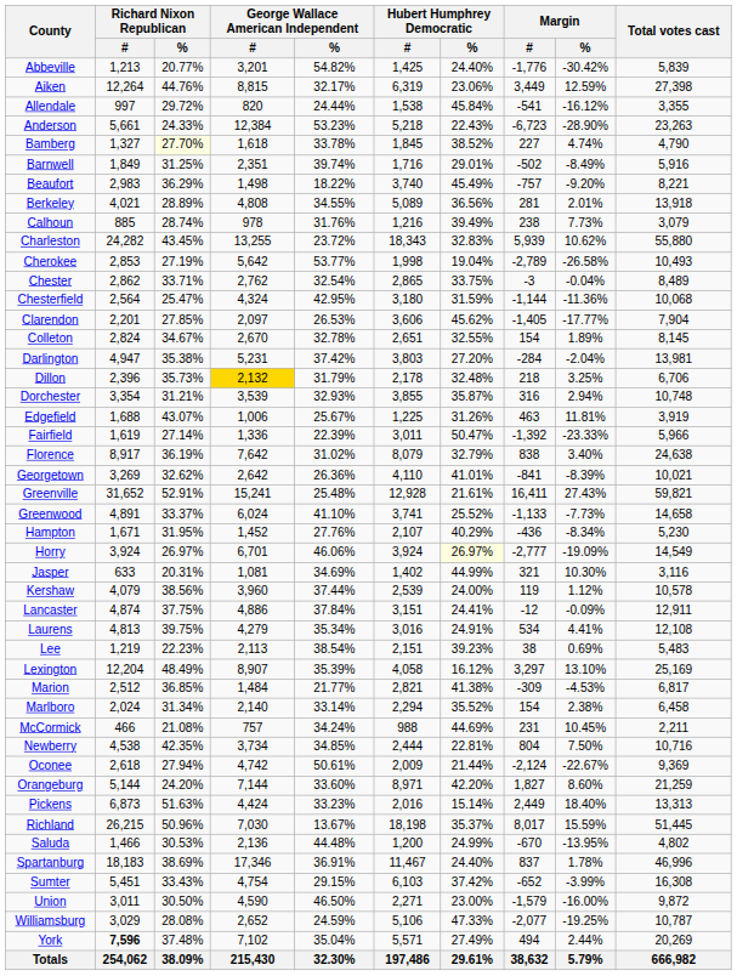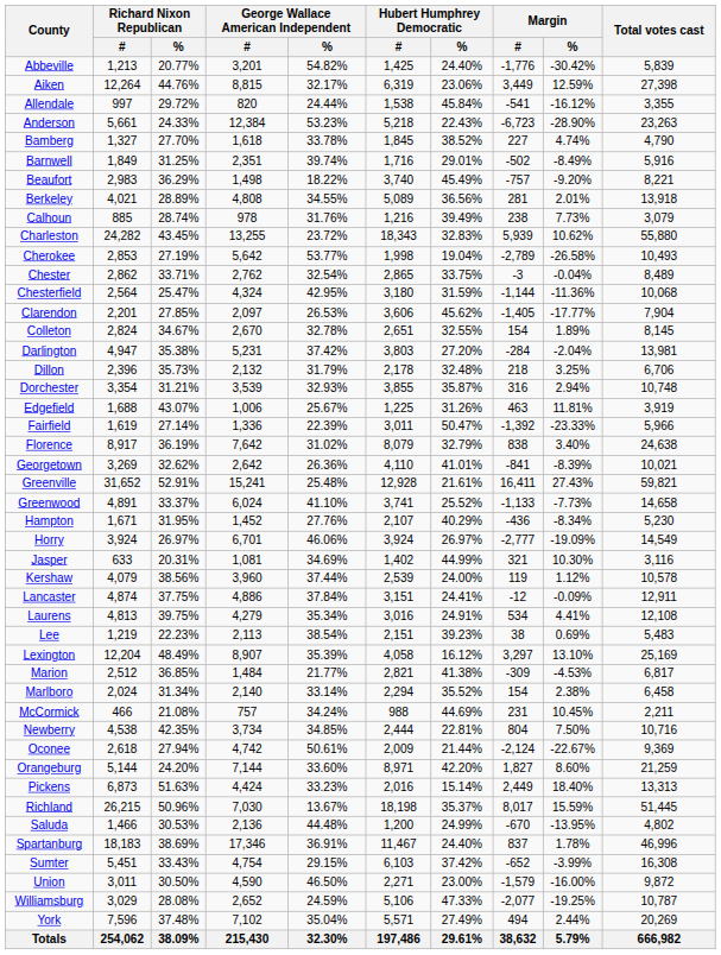 <table width="60%" class="wikitable sortable">
 <tr>
 <th rowspan="2">County</th>
 <th colspan="2">Richard Nixon<br>Republican</th>
 <th colspan="2">George Wallace<br>American Independent</th>
 <th colspan="2">Hubert Humphrey<br>Democratic</th>
 <th colspan="2">Margin</th>
 <th rowspan="2">Total votes cast</th>
 </tr>
 <tr>
 <th style="text-align:center;" data-sort-type="number">#</th>
 <th style="text-align:center;" data-sort-type="number">%</th>
 <th style="text-align:center;" data-sort-type="number">#</th>
 <th style="text-align:center;" data-sort-type="number">%</th>
 <th style="text-align:center;" data-sort-type="number">#</th>
 <th style="text-align:center;" data-sort-type="number">%</th>
 <th style="text-align:center;" data-sort-type="number">#</th>
 <th style="text-align:center;" data-sort-type="number">%</th>
 </tr>
 <tr style="text-align:center;">
 <td><a href='#'>Abbeville</a></td>
 <td>1,213</td>
 <td>20.77%</td>
 <td>3,201</td>
 <td>54.82%</td>
 <td>1,425</td>
 <td>24.40%</td>
 <td>-1,776</td>
 <td>-30.42%</td>
 <td>5,839</td>
 </tr>
 <tr style="text-align:center;">
 <td><a href='#'>Aiken</a></td>
 <td>12,264</td>
 <td>44.76%</td>
 <td>8,815</td>
 <td>32.17%</td>
 <td>6,319</td>
 <td>23.06%</td>
 <td>3,449</td>
 <td>12.59%</td>
 <td>27,398</td>
 </tr>
 <tr style="text-align:center;">
 <td><a href='#'>Allendale</a></td>
 <td>997</td>
 <td>29.72%</td>
 <td>820</td>
 <td>24.44%</td>
 <td>1,538</td>
 <td>45.84%</td>
 <td>-541</td>
 <td>-16.12%</td>
 <td>3,355</td>
 </tr>
 <tr style="text-align:center;">
 <td><a href='#'>Anderson</a></td>
 <td>5,661</td>
 <td>24.33%</td>
 <td>12,384</td>
 <td>53.23%</td>
 <td>5,218</td>
 <td>22.43%</td>
 <td>-6,723</td>
 <td>-28.90%</td>
 <td>23,263</td>
 </tr>
 <tr style="text-align:center;">
 <td><a href='#'>Bamberg</a></td>
 <td>1,327</td>
-<td style="background: lightyellow;">27.70%</td>
+<td>27.70%</td>
 <td>1,618</td>
 <td>33.78%</td>
 <td>1,845</td>
 <td>38.52%</td>
 <td>227</td>
 <td>4.74%</td>
 <td>4,790</td>
 </tr>
 <tr style="text-align:center;">
 <td><a href='#'>Barnwell</a></td>
 <td>1,849</td>
 <td>31.25%</td>
 <td>2,351</td>
 <td>39.74%</td>
 <td>1,716</td>
 <td>29.01%</td>
 <td>-502</td>
 <td>-8.49%</td>
 <td>5,916</td>
 </tr>
 <tr style="text-align:center;">
 <td><a href='#'>Beaufort</a></td>
 <td>2,983</td>
 <td>36.29%</td>
 <td>1,498</td>
 <td>18.22%</td>
 <td>3,740</td>
 <td>45.49%</td>
 <td>-757</td>
 <td>-9.20%</td>
 <td>8,221</td>
 </tr>
 <tr style="text-align:center;">
 <td><a href='#'>Berkeley</a></td>
 <td>4,021</td>
 <td>28.89%</td>
 <td>4,808</td>
 <td>34.55%</td>
 <td>5,089</td>
 <td>36.56%</td>
 <td>281</td>
 <td>2.01%</td>
 <td>13,918</td>
 </tr>
 <tr style="text-align:center;">
 <td><a href='#'>Calhoun</a></td>
 <td>885</td>
 <td>28.74%</td>
 <td>978</td>
 <td>31.76%</td>
 <td>1,216</td>
 <td>39.49%</td>
 <td>238</td>
 <td>7.73%</td>
 <td>3,079</td>
 </tr>
 <tr style="text-align:center;">
 <td><a href='#'>Charleston</a></td>
 <td>24,282</td>
 <td>43.45%</td>
 <td>13,255</td>
 <td>23.72%</td>
 <td>18,343</td>
 <td>32.83%</td>
 <td>5,939</td>
 <td>10.62%</td>
 <td>55,880</td>
 </tr>
 <tr style="text-align:center;">
 <td><a href='#'>Cherokee</a></td>
 <td>2,853</td>
 <td>27.19%</td>
 <td>5,642</td>
 <td>53.77%</td>
 <td>1,998</td>
 <td>19.04%</td>
 <td>-2,789</td>
 <td>-26.58%</td>
 <td>10,493</td>
 </tr>
 <tr style="text-align:center;">
 <td><a href='#'>Chester</a></td>
 <td>2,862</td>
 <td>33.71%</td>
 <td>2,762</td>
 <td>32.54%</td>
 <td>2,865</td>
 <td>33.75%</td>
 <td>-3</td>
 <td>-0.04%</td>
 <td>8,489</td>
 </tr>
 <tr style="text-align:center;">
 <td><a href='#'>Chesterfield</a></td>
 <td>2,564</td>
 <td>25.47%</td>
 <td>4,324</td>
 <td>42.95%</td>
 <td>3,180</td>
 <td>31.59%</td>
 <td>-1,144</td>
 <td>-11.36%</td>
 <td>10,068</td>
 </tr>
 <tr style="text-align:center;">
 <td><a href='#'>Clarendon</a></td>
 <td>2,201</td>
 <td>27.85%</td>
 <td>2,097</td>
 <td>26.53%</td>
 <td>3,606</td>
 <td>45.62%</td>
 <td>-1,405</td>
 <td>-17.77%</td>
 <td>7,904</td>
 </tr>
 <tr style="text-align:center;">
 <td><a href='#'>Colleton</a></td>
 <td>2,824</td>
 <td>34.67%</td>
 <td>2,670</td>
 <td>32.78%</td>
 <td>2,651</td>
 <td>32.55%</td>
 <td>154</td>
 <td>1.89%</td>
 <td>8,145</td>
 </tr>
 <tr style="text-align:center;">
 <td><a href='#'>Darlington</a></td>
 <td>4,947</td>
 <td>35.38%</td>
 <td>5,231</td>
 <td>37.42%</td>
 <td>3,803</td>
 <td>27.20%</td>
 <td>-284</td>
 <td>-2.04%</td>
 <td>13,981</td>
 </tr>
 <tr style="text-align:center;">
 <td><a href='#'>Dillon</a></td>
 <td>2,396</td>
 <td>35.73%</td>
-<td style="background: gold;">2,132</td>
+<td>2,132</td>
 <td>31.79%</td>
 <td>2,178</td>
 <td>32.48%</td>
 <td>218</td>
 <td>3.25%</td>
 <td>6,706</td>
 </tr>
 <tr style="text-align:center;">
 <td><a href='#'>Dorchester</a></td>
 <td>3,354</td>
 <td>31.21%</td>
 <td>3,539</td>
 <td>32.93%</td>
 <td>3,855</td>
 <td>35.87%</td>
 <td>316</td>
 <td>2.94%</td>
 <td>10,748</td>
 </tr>
 <tr style="text-align:center;">
 <td><a href='#'>Edgefield</a></td>
 <td>1,688</td>
 <td>43.07%</td>
 <td>1,006</td>
 <td>25.67%</td>
 <td>1,225</td>
 <td>31.26%</td>
 <td>463</td>
 <td>11.81%</td>
 <td>3,919</td>
 </tr>
 <tr style="text-align:center;">
 <td><a href='#'>Fairfield</a></td>
 <td>1,619</td>
 <td>27.14%</td>
 <td>1,336</td>
 <td>22.39%</td>
 <td>3,011</td>
 <td>50.47%</td>
 <td>-1,392</td>
 <td>-23.33%</td>
 <td>5,966</td>
 </tr>
 <tr style="text-align:center;">
 <td><a href='#'>Florence</a></td>
 <td>8,917</td>
 <td>36.19%</td>
 <td>7,642</td>
 <td>31.02%</td>
 <td>8,079</td>
 <td>32.79%</td>
 <td>838</td>
 <td>3.40%</td>
 <td>24,638</td>
 </tr>
 <tr style="text-align:center;">
 <td><a href='#'>Georgetown</a></td>
 <td>3,269</td>
 <td>32.62%</td>
 <td>2,642</td>
 <td>26.36%</td>
 <td>4,110</td>
 <td>41.01%</td>
 <td>-841</td>
 <td>-8.39%</td>
 <td>10,021</td>
 </tr>
 <tr style="text-align:center;">
 <td><a href='#'>Greenville</a></td>
 <td>31,652</td>
 <td>52.91%</td>
 <td>15,241</td>
 <td>25.48%</td>
 <td>12,928</td>
 <td>21.61%</td>
 <td>16,411</td>
 <td>27.43%</td>
 <td>59,821</td>
 </tr>
 <tr style="text-align:center;">
 <td><a href='#'>Greenwood</a></td>
 <td>4,891</td>
 <td>33.37%</td>
 <td>6,024</td>
 <td>41.10%</td>
 <td>3,741</td>
 <td>25.52%</td>
 <td>-1,133</td>
 <td>-7.73%</td>
 <td>14,658</td>
 </tr>
 <tr style="text-align:center;">
 <td><a href='#'>Hampton</a></td>
 <td>1,671</td>
 <td>31.95%</td>
 <td>1,452</td>
 <td>27.76%</td>
 <td>2,107</td>
 <td>40.29%</td>
 <td>-436</td>
 <td>-8.34%</td>
 <td>5,230</td>
 </tr>
 <tr style="text-align:center;">
 <td><a href='#'>Horry</a></td>
 <td>3,924</td>
 <td>26.97%</td>
 <td>6,701</td>
 <td>46.06%</td>
 <td>3,924</td>
-<td style="background: lightyellow;">26.97%</td>
+<td>26.97%</td>
 <td>-2,777</td>
 <td>-19.09%</td>
 <td>14,549</td>
 </tr>
 <tr style="text-align:center;">
 <td><a href='#'>Jasper</a></td>
 <td>633</td>
 <td>20.31%</td>
 <td>1,081</td>
 <td>34.69%</td>
 <td>1,402</td>
 <td>44.99%</td>
 <td>321</td>
 <td>10.30%</td>
 <td>3,116</td>
 </tr>
 <tr style="text-align:center;">
 <td><a href='#'>Kershaw</a></td>
 <td>4,079</td>
 <td>38.56%</td>
 <td>3,960</td>
 <td>37.44%</td>
 <td>2,539</td>
 <td>24.00%</td>
 <td>119</td>
 <td>1.12%</td>
 <td>10,578</td>
 </tr>
 <tr style="text-align:center;">
 <td><a href='#'>Lancaster</a></td>
 <td>4,874</td>
 <td>37.75%</td>
 <td>4,886</td>
 <td>37.84%</td>
 <td>3,151</td>
 <td>24.41%</td>
 <td>-12</td>
 <td>-0.09%</td>
 <td>12,911</td>
 </tr>
 <tr style="text-align:center;">
 <td><a href='#'>Laurens</a></td>
 <td>4,813</td>
 <td>39.75%</td>
 <td>4,279</td>
 <td>35.34%</td>
 <td>3,016</td>
 <td>24.91%</td>
 <td>534</td>
 <td>4.41%</td>
 <td>12,108</td>
 </tr>
 <tr style="text-align:center;">
 <td><a href='#'>Lee</a></td>
 <td>1,219</td>
 <td>22.23%</td>
 <td>2,113</td>
 <td>38.54%</td>
 <td>2,151</td>
 <td>39.23%</td>
 <td>38</td>
 <td>0.69%</td>
 <td>5,483</td>
 </tr>
 <tr style="text-align:center;">
 <td><a href='#'>Lexington</a></td>
 <td>12,204</td>
 <td>48.49%</td>
 <td>8,907</td>
 <td>35.39%</td>
 <td>4,058</td>
 <td>16.12%</td>
 <td>3,297</td>
 <td>13.10%</td>
 <td>25,169</td>
 </tr>
 <tr style="text-align:center;">
 <td><a href='#'>Marion</a></td>
 <td>2,512</td>
 <td>36.85%</td>
 <td>1,484</td>
 <td>21.77%</td>
 <td>2,821</td>
 <td>41.38%</td>
 <td>-309</td>
 <td>-4.53%</td>
 <td>6,817</td>
 </tr>
 <tr style="text-align:center;">
 <td><a href='#'>Marlboro</a></td>
 <td>2,024</td>
 <td>31.34%</td>
 <td>2,140</td>
 <td>33.14%</td>
 <td>2,294</td>
 <td>35.52%</td>
 <td>154</td>
 <td>2.38%</td>
 <td>6,458</td>
 </tr>
 <tr style="text-align:center;">
 <td><a href='#'>McCormick</a></td>
 <td>466</td>
 <td>21.08%</td>
 <td>757</td>
 <td>34.24%</td>
 <td>988</td>
 <td>44.69%</td>
 <td>231</td>
 <td>10.45%</td>
 <td>2,211</td>
 </tr>
 <tr style="text-align:center;">
 <td><a href='#'>Newberry</a></td>
 <td>4,538</td>
 <td>42.35%</td>
 <td>3,734</td>
 <td>34.85%</td>
 <td>2,444</td>
 <td>22.81%</td>
 <td>804</td>
 <td>7.50%</td>
 <td>10,716</td>
 </tr>
 <tr style="text-align:center;">
 <td><a href='#'>Oconee</a></td>
 <td>2,618</td>
 <td>27.94%</td>
 <td>4,742</td>
 <td>50.61%</td>
 <td>2,009</td>
 <td>21.44%</td>
 <td>-2,124</td>
 <td>-22.67%</td>
 <td>9,369</td>
 </tr>
 <tr style="text-align:center;">
 <td><a href='#'>Orangeburg</a></td>
 <td>5,144</td>
 <td>24.20%</td>
 <td>7,144</td>
 <td>33.60%</td>
 <td>8,971</td>
 <td>42.20%</td>
 <td>1,827</td>
 <td>8.60%</td>
 <td>21,259</td>
 </tr>
 <tr style="text-align:center;">
 <td><a href='#'>Pickens</a></td>
 <td>6,873</td>
 <td>51.63%</td>
 <td>4,424</td>
 <td>33.23%</td>
 <td>2,016</td>
 <td>15.14%</td>
 <td>2,449</td>
 <td>18.40%</td>
 <td>13,313</td>
 </tr>
 <tr style="text-align:center;">
 <td><a href='#'>Richland</a></td>
 <td>26,215</td>
 <td>50.96%</td>
 <td>7,030</td>
 <td>13.67%</td>
 <td>18,198</td>
 <td>35.37%</td>
 <td>8,017</td>
 <td>15.59%</td>
 <td>51,445</td>
 </tr>
 <tr style="text-align:center;">
 <td><a href='#'>Saluda</a></td>
 <td>1,466</td>
 <td>30.53%</td>
 <td>2,136</td>
 <td>44.48%</td>
 <td>1,200</td>
 <td>24.99%</td>
 <td>-670</td>
 <td>-13.95%</td>
 <td>4,802</td>
 </tr>
 <tr style="text-align:center;">
 <td><a href='#'>Spartanburg</a></td>
 <td>18,183</td>
 <td>38.69%</td>
 <td>17,346</td>
 <td>36.91%</td>
 <td>11,467</td>
 <td>24.40%</td>
 <td>837</td>
 <td>1.78%</td>
 <td>46,996</td>
 </tr>
 <tr style="text-align:center;">
 <td><a href='#'>Sumter</a></td>
 <td>5,451</td>
 <td>33.43%</td>
 <td>4,754</td>
 <td>29.15%</td>
 <td>6,103</td>
 <td>37.42%</td>
 <td>-652</td>
 <td>-3.99%</td>
 <td>16,308</td>
 </tr>
 <tr style="text-align:center;">
 <td><a href='#'>Union</a></td>
 <td>3,011</td>
 <td>30.50%</td>
 <td>4,590</td>
 <td>46.50%</td>
 <td>2,271</td>
 <td>23.00%</td>
 <td>-1,579</td>
 <td>-16.00%</td>
 <td>9,872</td>
 </tr>
 <tr style="text-align:center;">
 <td><a href='#'>Williamsburg</a></td>
 <td>3,029</td>
 <td>28.08%</td>
 <td>2,652</td>
 <td>24.59%</td>
 <td>5,106</td>
 <td>47.33%</td>
 <td>-2,077</td>
 <td>-19.25%</td>
 <td>10,787</td>
 </tr>
 <tr style="text-align:center;">
 <td><a href='#'>York</a></td>
-<td><strong>7,596</strong></td>
+<td>7,596</td>
 <td>37.48%</td>
 <td>7,102</td>
 <td>35.04%</td>
 <td>5,571</td>
 <td>27.49%</td>
 <td>494</td>
 <td>2.44%</td>
 <td>20,269</td>
 </tr>
 <tr style="text-align:center;">
 <th>Totals</th>
 <th>254,062</th>
 <th>38.09%</th>
 <th>215,430</th>
 <th>32.30%</th>
 <th>197,486</th>
 <th>29.61%</th>
 <th>38,632</th>
 <th>5.79%</th>
 <th>666,982</th>
 </tr>
 </table>
